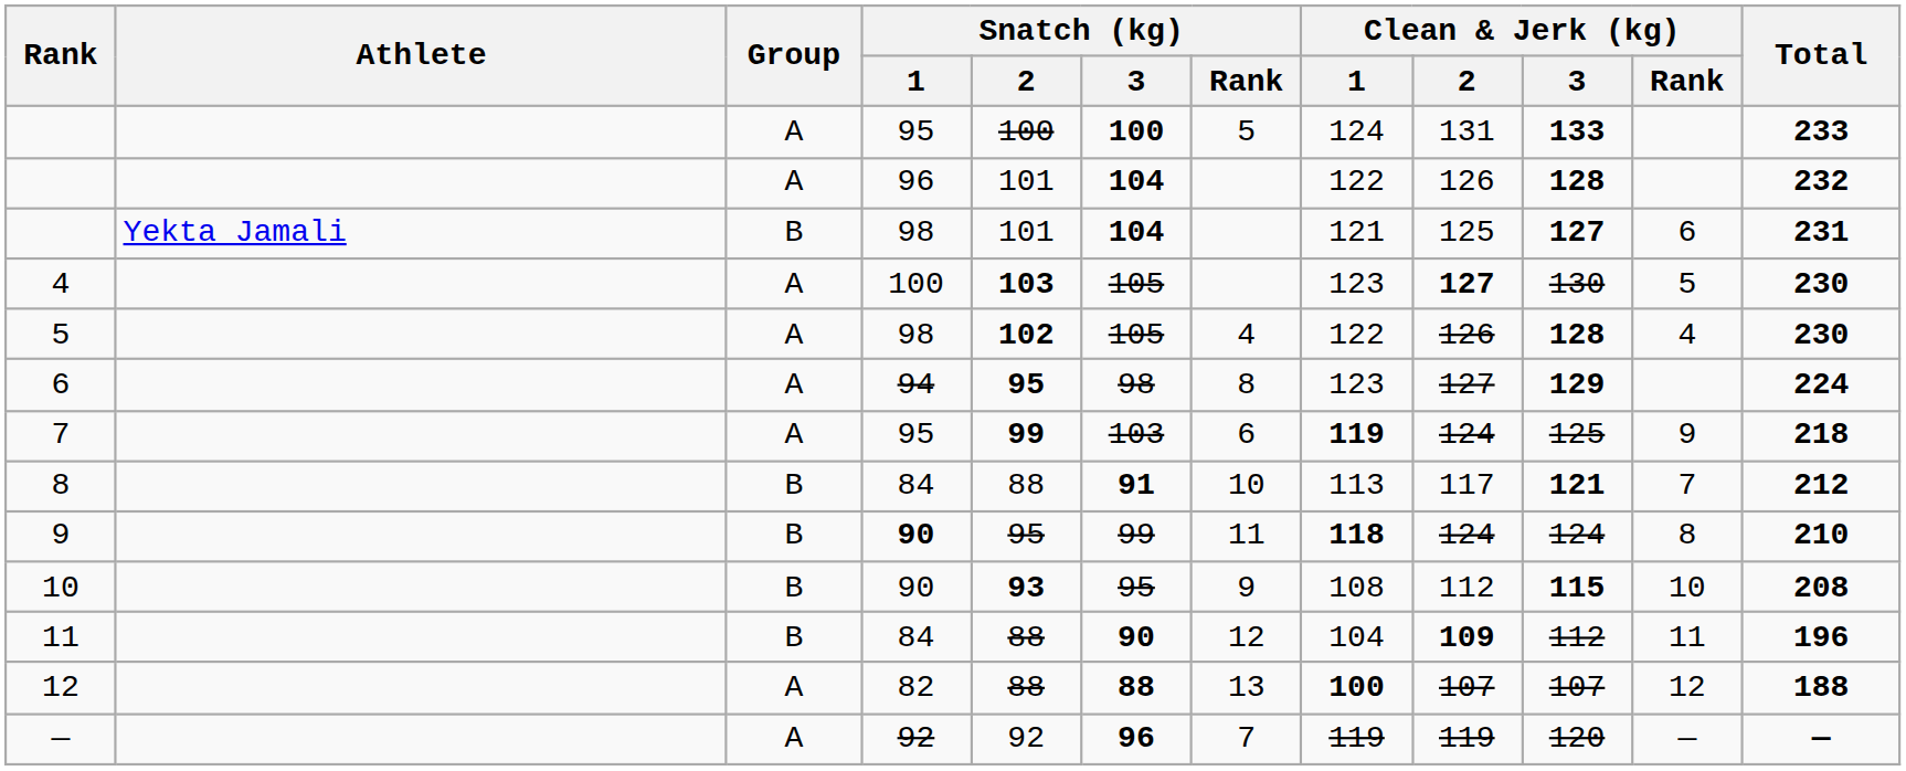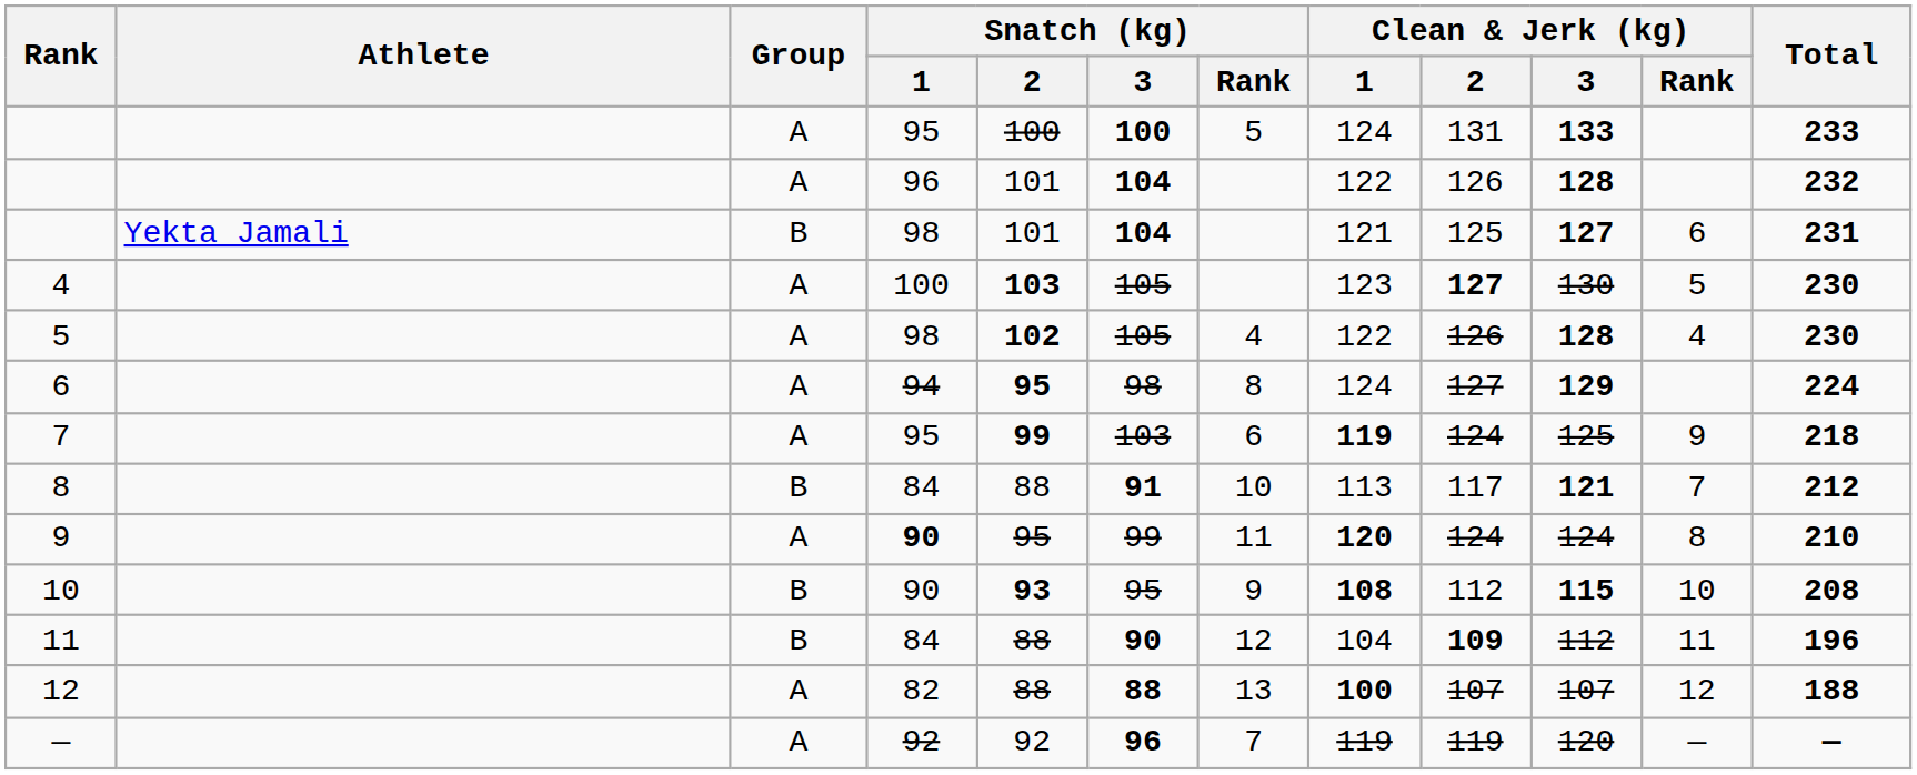 <table class = "wikitable" style="text-align:center;">
 <tr>
 <th rowspan=2 width=40>Rank</th>
 <th rowspan=2 width=250>Athlete</th>
 <th rowspan=2 width=50>Group</th>
 <th colspan=4>Snatch (kg)</th>
 <th colspan=4>Clean & Jerk (kg)</th>
 <th rowspan=2 width=60>Total</th>
 </tr>
 <tr>
 <th width=40>1</th>
 <th width=40>2</th>
 <th width=40>3</th>
 <th width=40>Rank</th>
 <th width=40>1</th>
 <th width=40>2</th>
 <th width=40>3</th>
 <th width=40>Rank</th>
 </tr>
 <tr>
 <td></td>
 <td align=left></td>
 <td>A</td>
 <td>95</td>
 <td><s>100</s></td>
 <td><strong>100</strong></td>
 <td>5</td>
 <td>124</td>
 <td>131</td>
 <td><strong>133</strong></td>
 <td></td>
 <td><strong>233</strong></td>
 </tr>
 <tr>
 <td></td>
 <td align=left></td>
 <td>A</td>
 <td>96</td>
 <td>101</td>
 <td><strong>104</strong></td>
 <td></td>
 <td>122</td>
 <td>126</td>
 <td><strong>128</strong></td>
 <td></td>
 <td><strong>232</strong></td>
 </tr>
 <tr>
 <td></td>
 <td align=left> <a href='#'>Yekta Jamali</a> </td>
 <td>B</td>
 <td>98</td>
 <td>101</td>
 <td><strong>104</strong></td>
 <td></td>
 <td>121</td>
 <td>125</td>
 <td><strong>127</strong></td>
 <td>6</td>
 <td><strong>231</strong></td>
 </tr>
 <tr>
 <td>4</td>
 <td align=left></td>
 <td>A</td>
 <td>100</td>
 <td><strong>103</strong></td>
 <td><s>105</s></td>
 <td></td>
 <td>123</td>
 <td><strong>127</strong></td>
 <td><s>130</s></td>
 <td>5</td>
 <td><strong>230</strong></td>
 </tr>
 <tr>
 <td>5</td>
 <td align=left></td>
 <td>A</td>
 <td>98</td>
 <td><strong>102</strong></td>
 <td><s>105</s></td>
 <td>4</td>
 <td>122</td>
 <td><s>126</s></td>
 <td><strong>128</strong></td>
 <td>4</td>
 <td><strong>230</strong></td>
 </tr>
 <tr>
 <td>6</td>
 <td align=left></td>
 <td>A</td>
 <td><s>94</s></td>
 <td><strong>95</strong></td>
 <td><s>98</s></td>
 <td>8</td>
-<td>123</td>
+<td>124</td>
 <td><s>127</s></td>
 <td><strong>129</strong></td>
 <td></td>
 <td><strong>224</strong></td>
 </tr>
 <tr>
 <td>7</td>
 <td align=left></td>
 <td>A</td>
 <td>95</td>
 <td><strong>99</strong></td>
 <td><s>103</s></td>
 <td>6</td>
 <td><strong>119</strong></td>
 <td><s>124</s></td>
 <td><s>125</s></td>
 <td>9</td>
 <td><strong>218</strong></td>
 </tr>
 <tr>
 <td>8</td>
 <td align=left></td>
 <td>B</td>
 <td>84</td>
 <td>88</td>
 <td><strong>91</strong></td>
 <td>10</td>
 <td>113</td>
 <td>117</td>
 <td><strong>121</strong></td>
 <td>7</td>
 <td><strong>212</strong></td>
 </tr>
 <tr>
 <td>9</td>
 <td align=left></td>
-<td>B</td>
+<td>A</td>
 <td><strong>90</strong></td>
 <td><s>95</s></td>
 <td><s>99</s></td>
 <td>11</td>
-<td><strong>118</strong></td>
+<td><strong>120</strong></td>
 <td><s>124</s></td>
 <td><s>124</s></td>
 <td>8</td>
 <td><strong>210</strong></td>
 </tr>
 <tr>
 <td>10</td>
 <td align=left></td>
 <td>B</td>
 <td>90</td>
 <td><strong>93</strong></td>
 <td><s>95</s></td>
 <td>9</td>
-<td>108</td>
+<td><strong>108</strong></td>
 <td>112</td>
 <td><strong>115</strong></td>
 <td>10</td>
 <td><strong>208</strong></td>
 </tr>
 <tr>
 <td>11</td>
 <td align=left></td>
 <td>B</td>
 <td>84</td>
 <td><s>88</s></td>
 <td><strong>90</strong></td>
 <td>12</td>
 <td>104</td>
 <td><strong>109</strong></td>
 <td><s>112</s></td>
 <td>11</td>
 <td><strong>196</strong></td>
 </tr>
 <tr>
 <td>12</td>
 <td align=left></td>
 <td>A</td>
 <td>82</td>
 <td><s>88</s></td>
 <td><strong>88</strong></td>
 <td>13</td>
 <td><strong>100</strong></td>
 <td><s>107</s></td>
 <td><s>107</s></td>
 <td>12</td>
 <td><strong>188</strong></td>
 </tr>
 <tr>
 <td>—</td>
 <td align=left></td>
 <td>A</td>
 <td><s>92</s></td>
 <td>92</td>
 <td><strong>96</strong></td>
 <td>7</td>
 <td><s>119</s></td>
 <td><s>119</s></td>
 <td><s>120</s></td>
 <td>—</td>
 <td><strong>—</strong></td>
 </tr>
 </table>
